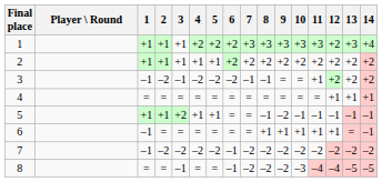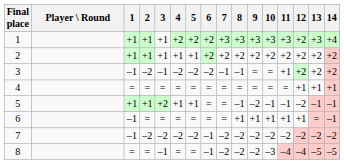 <table class="wikitable" style="font-size:100%; text-align:center; white-space: nowrap;">
 <tr>
 <th>Final<br>place</th>
 <th style="width:140px;">Player \ Round</th>
 <th>1</th>
 <th>2</th>
 <th>3</th>
 <th>4</th>
 <th>5</th>
 <th>6</th>
 <th>7</th>
 <th>8</th>
 <th>9</th>
 <th>10</th>
 <th>11</th>
 <th>12</th>
 <th>13</th>
 <th>14</th>
 </tr>
 <tr>
 <td>1</td>
 <td align=left></td>
 <td bgcolor=#ccffcc>+1</td>
 <td bgcolor=#ccffcc>+1</td>
 <td>+1</td>
 <td bgcolor=#ccffcc>+2</td>
 <td bgcolor=#ccffcc>+2</td>
 <td bgcolor=#ccffcc>+2</td>
 <td bgcolor=#ccffcc>+3</td>
 <td bgcolor=#ccffcc>+3</td>
 <td bgcolor=#ccffcc>+3</td>
 <td bgcolor=#ccffcc>+3</td>
 <td bgcolor=#ccffcc>+3</td>
 <td bgcolor=#ccffcc>+2</td>
 <td bgcolor=#ccffcc>+3</td>
 <td bgcolor=#ccffcc>+4</td>
 </tr>
 <tr>
 <td>2</td>
 <td align=left></td>
 <td bgcolor=#ccffcc>+1</td>
 <td bgcolor=#ccffcc>+1</td>
 <td>+1</td>
 <td>+1</td>
 <td>+1</td>
 <td bgcolor=#ccffcc>+2</td>
 <td>+2</td>
 <td>+2</td>
 <td>+2</td>
 <td>+2</td>
 <td>+2</td>
 <td>+2</td>
 <td>+2</td>
 <td bgcolor=#ffcccc>+2</td>
 </tr>
 <tr>
 <td>3</td>
 <td align=left></td>
 <td>–1</td>
 <td>–2</td>
 <td>–1</td>
 <td>–2</td>
 <td>–2</td>
 <td>–2</td>
 <td>–1</td>
 <td>–1</td>
 <td>=</td>
 <td>=</td>
 <td>+1</td>
 <td bgcolor=#ccffcc>+2</td>
 <td>+2</td>
 <td bgcolor=#ffcccc>+2</td>
 </tr>
 <tr>
 <td>4</td>
 <td align=left></td>
 <td>=</td>
 <td>=</td>
 <td>=</td>
 <td>=</td>
 <td>=</td>
 <td>=</td>
 <td>=</td>
 <td>=</td>
 <td>=</td>
 <td>=</td>
 <td>=</td>
 <td>+1</td>
 <td>+1</td>
 <td bgcolor=#ffcccc>+1</td>
 </tr>
 <tr>
 <td>5</td>
 <td align=left></td>
 <td bgcolor=#ccffcc>+1</td>
 <td bgcolor=#ccffcc>+1</td>
 <td bgcolor=#ccffcc>+2</td>
 <td>+1</td>
 <td>+1</td>
 <td>=</td>
 <td>=</td>
 <td>–1</td>
 <td>–2</td>
 <td>–1</td>
 <td>–1</td>
-<td>–1</td>
+<td>–2</td>
 <td bgcolor=#ffcccc>–1</td>
 <td bgcolor=#ffcccc>–1</td>
 </tr>
 <tr>
 <td>6</td>
 <td align=left></td>
 <td>–1</td>
 <td>=</td>
 <td>=</td>
 <td>=</td>
 <td>=</td>
 <td>=</td>
 <td>=</td>
 <td>+1</td>
 <td>+1</td>
 <td>+1</td>
 <td>+1</td>
 <td>+1</td>
 <td bgcolor=#ffcccc>=</td>
 <td bgcolor=#ffcccc>–1</td>
 </tr>
 <tr>
 <td>7</td>
 <td align=left></td>
 <td>–1</td>
 <td>–2</td>
 <td>–2</td>
 <td>–2</td>
 <td>–2</td>
 <td>–1</td>
 <td>–2</td>
 <td>–2</td>
 <td>–2</td>
 <td>–2</td>
 <td>–2</td>
 <td bgcolor=#ffcccc>–2</td>
 <td bgcolor=#ffcccc>–2</td>
 <td bgcolor=#ffcccc>–2</td>
 </tr>
 <tr>
 <td>8</td>
 <td align=left></td>
 <td>=</td>
 <td>=</td>
 <td>–1</td>
 <td>=</td>
 <td>=</td>
 <td>–1</td>
 <td>–2</td>
 <td>–2</td>
 <td>–2</td>
 <td>–3</td>
 <td bgcolor=#ffcccc>–4</td>
 <td bgcolor=#ffcccc>–4</td>
 <td bgcolor=#ffcccc>–5</td>
 <td bgcolor=#ffcccc>–5</td>
 </tr>
 </table>
